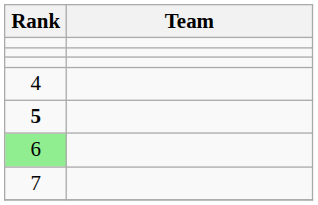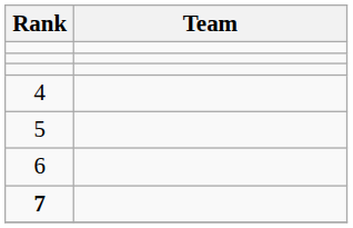 <table class="wikitable" style="text-align: center;">
 <tr>
 <th width=40>Rank</th>
 <th width=180>Team</th>
 </tr>
 <tr>
 <td></td>
 <td align=left></td>
 </tr>
 <tr>
 <td></td>
 <td align=left></td>
 </tr>
 <tr>
 <td></td>
 <td align=left></td>
 </tr>
 <tr>
 <td>4</td>
 <td align=left></td>
 </tr>
 <tr>
-<td><strong>5</strong></td>
+<td>5</td>
 <td align=left></td>
 </tr>
 <tr>
-<td style="background: lightgreen;">6</td>
+<td>6</td>
 <td align=left></td>
 </tr>
 <tr>
-<td>7</td>
+<td><strong>7</strong></td>
 <td align=left></td>
 </tr>
 <tr>
 </tr>
 </table>
